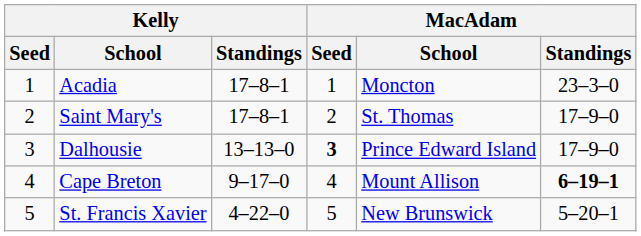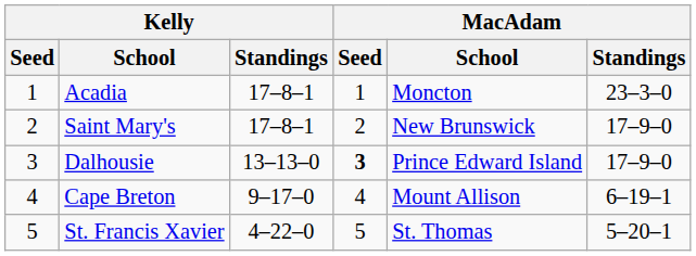 <table class="wikitable">
 <tr>
 <th colspan=3>Kelly</th>
 <th colspan=3>MacAdam</th>
 </tr>
 <tr>
 <th>Seed</th>
 <th>School</th>
 <th>Standings</th>
 <th>Seed</th>
 <th>School</th>
 <th>Standings</th>
 </tr>
 <tr>
 <td align=center>1</td>
 <td><a href='#'>Acadia</a></td>
 <td align=center>17–8–1</td>
 <td align=center>1</td>
 <td><a href='#'>Moncton</a></td>
 <td align=center>23–3–0</td>
 </tr>
 <tr>
 <td align=center>2</td>
 <td><a href='#'>Saint Mary's</a></td>
 <td align=center>17–8–1</td>
 <td align=center>2</td>
-<td><a href='#'>St. Thomas</a></td>
+<td><a href='#'>New Brunswick</a></td>
 <td align=center>17–9–0</td>
 </tr>
 <tr>
 <td align=center>3</td>
 <td><a href='#'>Dalhousie</a></td>
 <td align=center>13–13–0</td>
 <td align=center><strong>3</strong></td>
 <td><a href='#'>Prince Edward Island</a></td>
 <td align=center>17–9–0</td>
 </tr>
 <tr>
 <td align=center>4</td>
 <td><a href='#'>Cape Breton</a></td>
 <td align=center>9–17–0</td>
 <td align=center>4</td>
 <td><a href='#'>Mount Allison</a></td>
-<td align=center><strong>6–19–1</strong></td>
+<td align=center>6–19–1</td>
 </tr>
 <tr>
 <td align=center>5</td>
 <td><a href='#'>St. Francis Xavier</a></td>
 <td align=center>4–22–0</td>
 <td align=center>5</td>
-<td><a href='#'>New Brunswick</a></td>
+<td><a href='#'>St. Thomas</a></td>
 <td align=center>5–20–1</td>
 </tr>
 </table>
